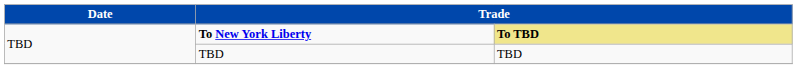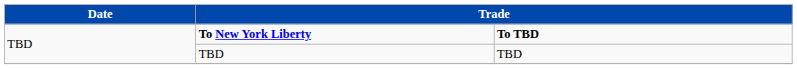 <table class="wikitable" style="width:80%">
 <tr>
 <th style="background:#0047AB;color:white; width=125">Date</th>
 <th style="background:#0047AB;color:white;" colspan=2>Trade</th>
 </tr>
 <tr>
 <td rowspan=2>TBD</td>
 <td width=375><strong>To <a href='#'>New York Liberty</a></strong></td>
-<td width=375 style="background: khaki;"><strong>To TBD</strong></td>
+<td width=375><strong>To TBD</strong></td>
 </tr>
 <tr>
 <td>TBD</td>
 <td>TBD</td>
 </tr>
 <tr>
 </tr>
 </table>
